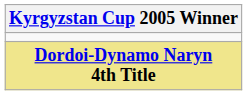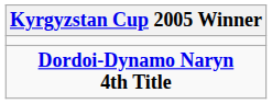 <table class="wikitable" style="text-align: center; margin: 0 auto;">
 <tr>
 <th><a href='#'>Kyrgyzstan Cup</a> 2005 Winner</th>
 </tr>
 <tr>
 <td></td>
 </tr>
 <tr>
-<td style="background: khaki;"><strong><a href='#'>Dordoi-Dynamo Naryn</a></strong><br><strong>4th Title</strong></td>
+<td><strong><a href='#'>Dordoi-Dynamo Naryn</a></strong><br><strong>4th Title</strong></td>
 </tr>
 </table>
